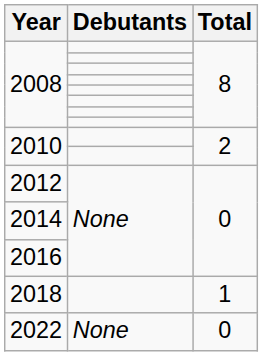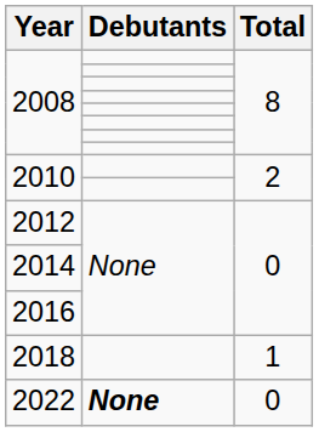 <table class="wikitable">
 <tr>
 <th>Year</th>
 <th>Debutants</th>
 <th>Total</th>
 </tr>
 <tr>
 <td rowspan=8>2008</td>
 <td></td>
 <td rowspan=8 align=center>8</td>
 </tr>
 <tr>
 <td></td>
 </tr>
 <tr>
 <td></td>
 </tr>
 <tr>
 <td></td>
 </tr>
 <tr>
 <td></td>
 </tr>
 <tr>
 <td></td>
 </tr>
 <tr>
 <td></td>
 </tr>
 <tr>
 <td></td>
 </tr>
 <tr>
 <td rowspan=2>2010</td>
 <td></td>
 <td rowspan=2 align=center>2</td>
 </tr>
 <tr>
 <td></td>
 </tr>
 <tr>
 <td>2012</td>
 <td rowspan=3><em>None</em></td>
 <td rowspan=3 align=center>0</td>
 </tr>
 <tr>
 <td>2014</td>
 </tr>
 <tr>
 <td>2016</td>
 </tr>
 <tr>
 <td>2018</td>
 <td></td>
 <td align=center>1</td>
 </tr>
 <tr>
 <td>2022</td>
-<td><em>None</em></td>
+<td><strong><em>None</em></strong></td>
 <td align=center>0</td>
 </tr>
 </table>
